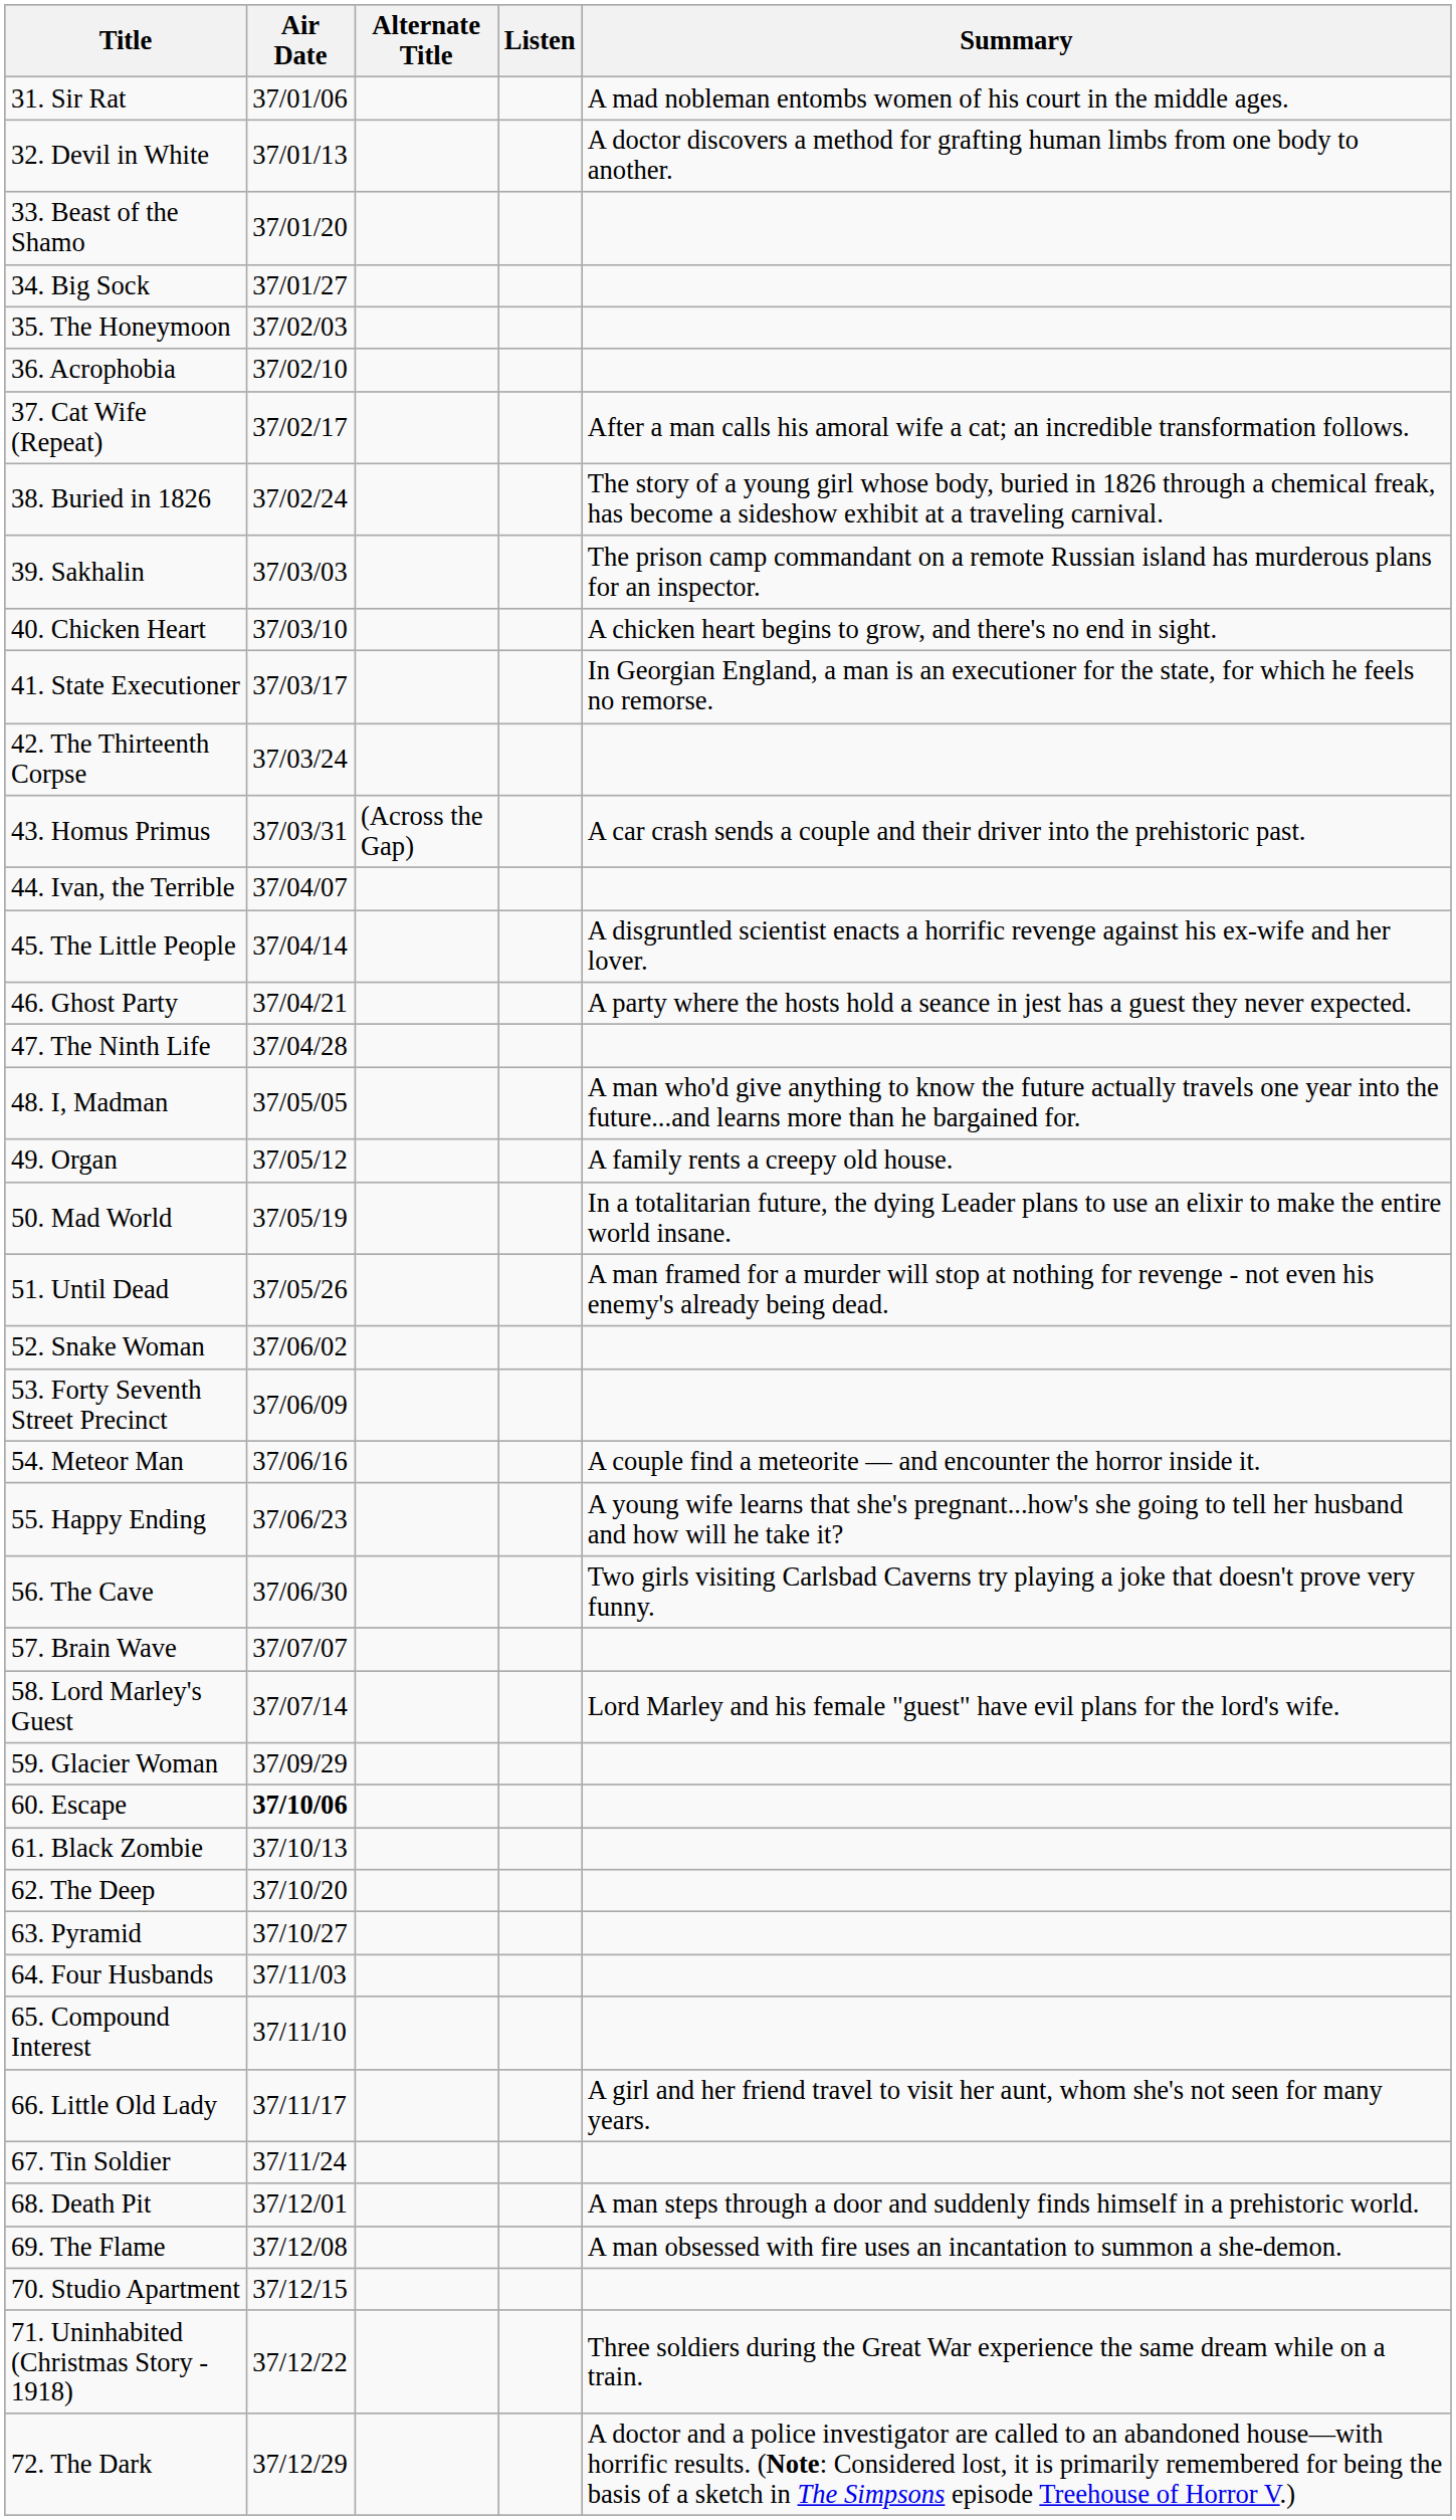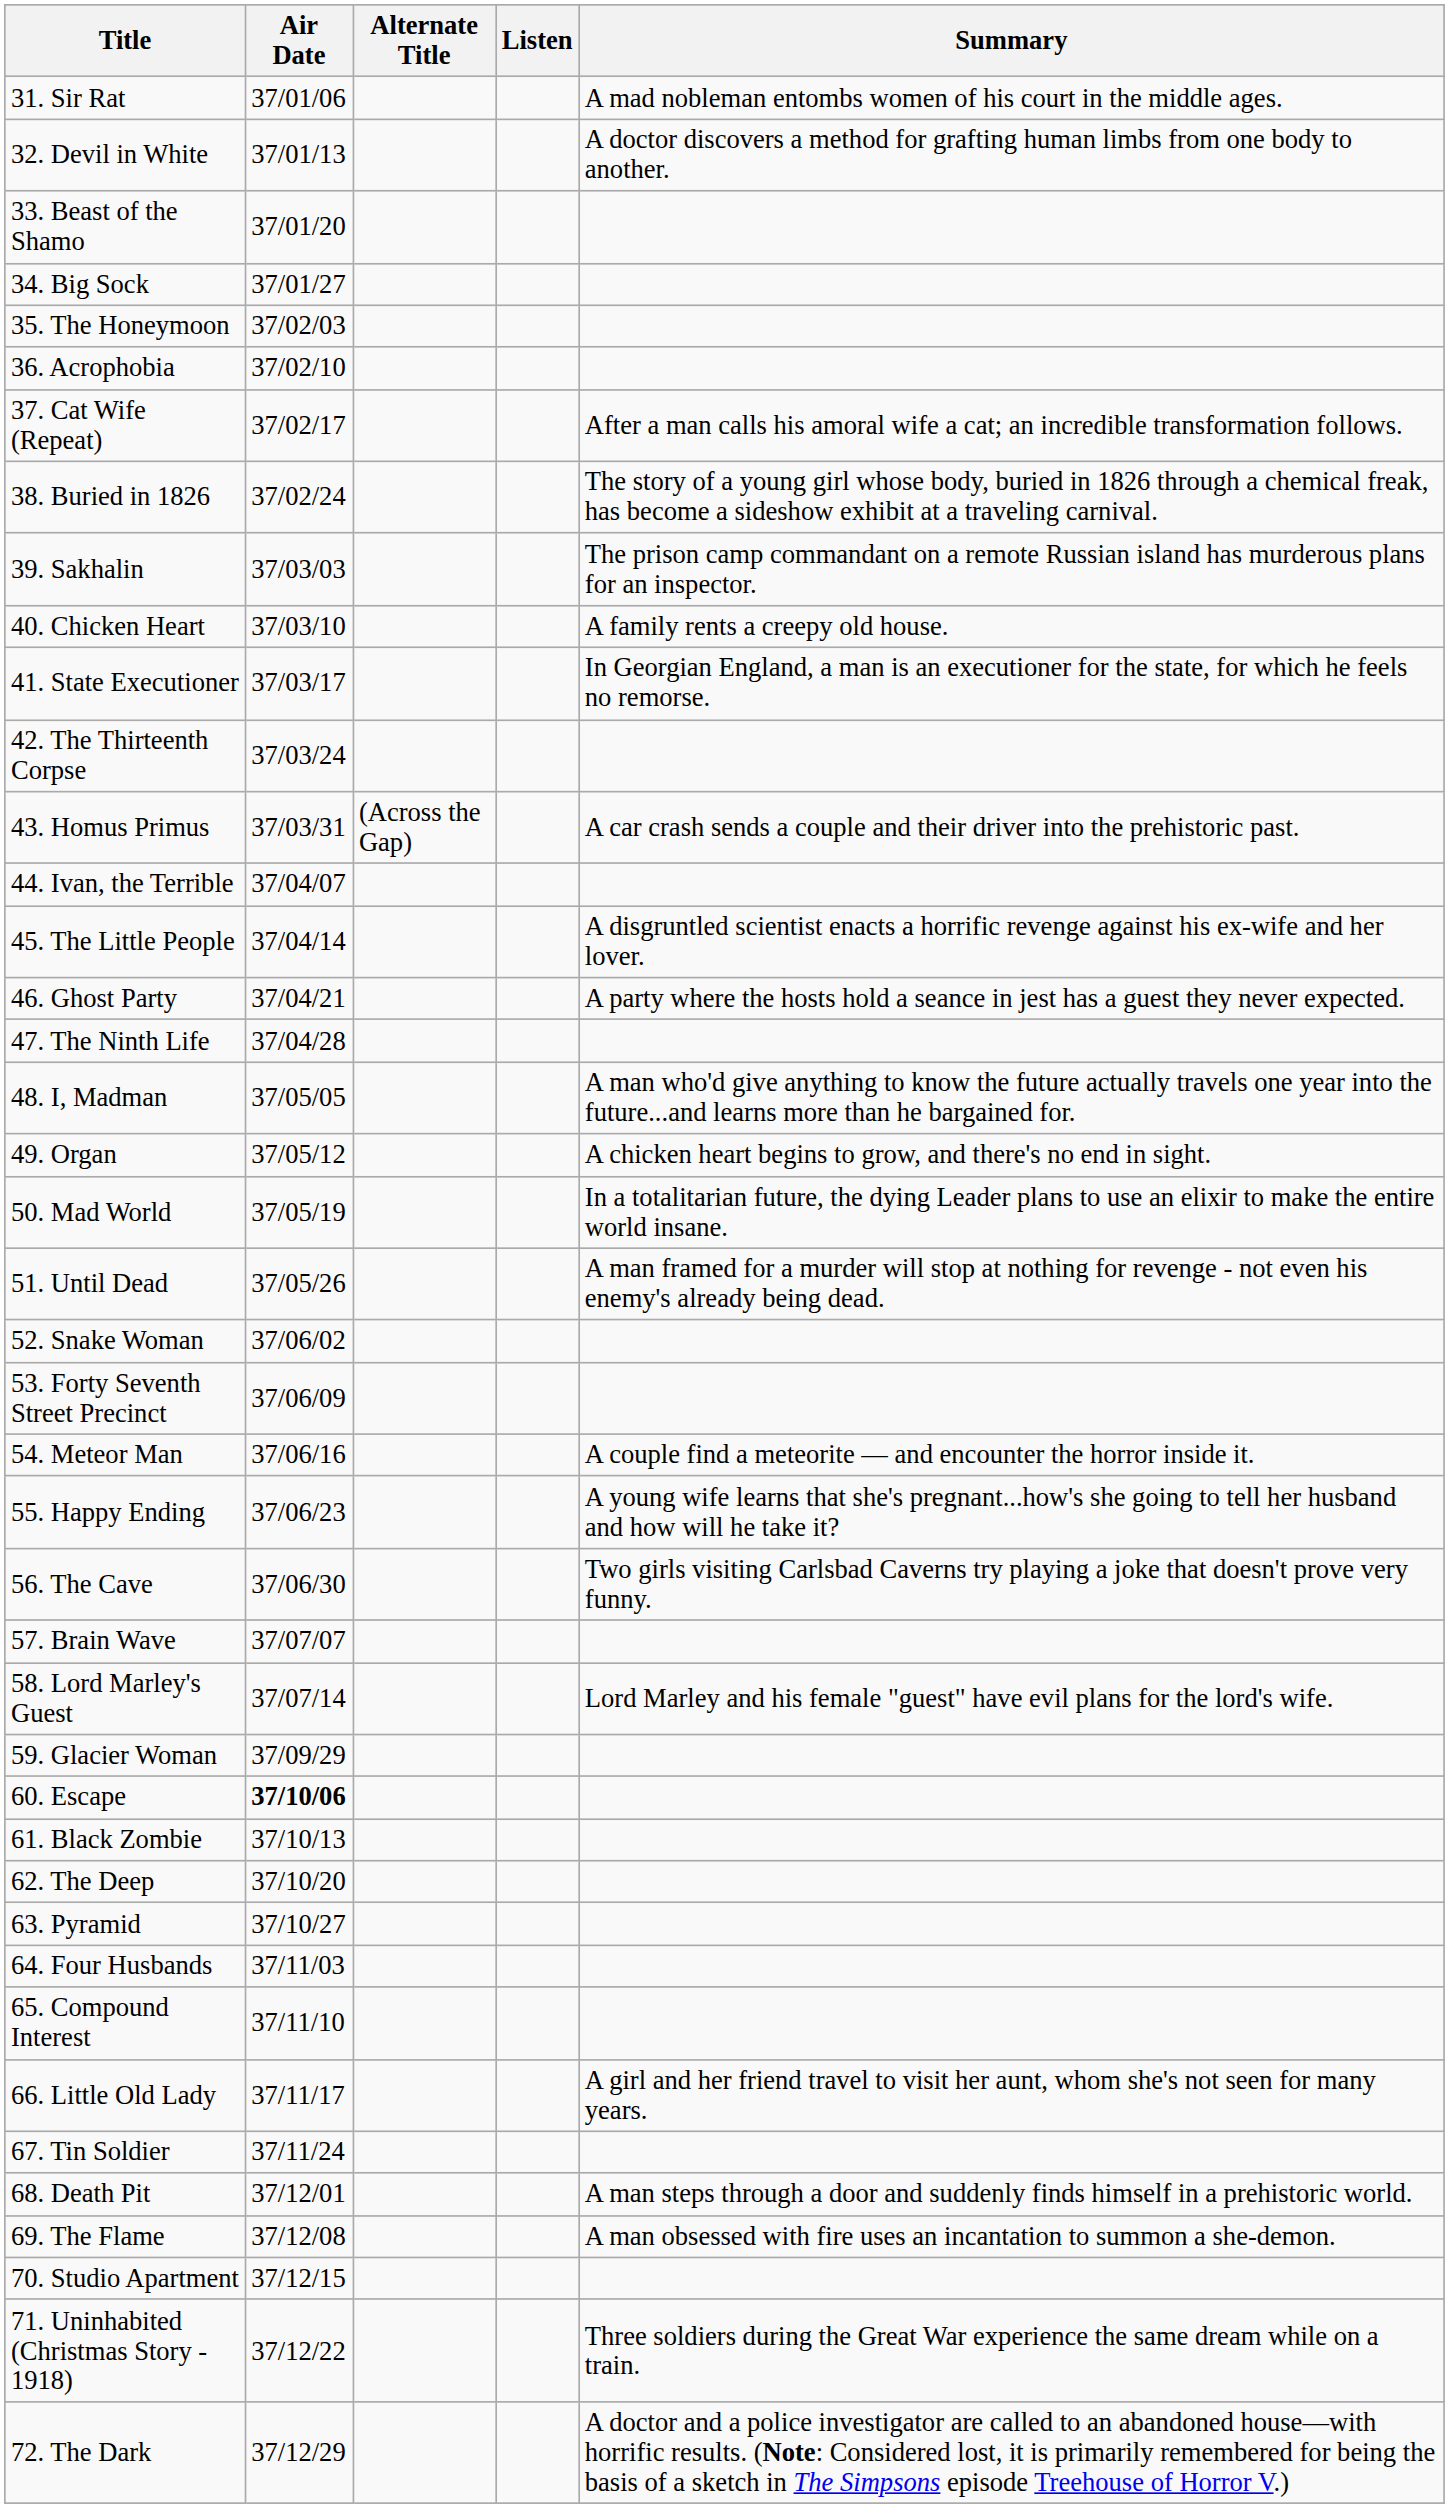 <table class="wikitable">
 <tr>
 <th>Title</th>
 <th>Air Date</th>
 <th>Alternate Title</th>
 <th>Listen</th>
 <th>Summary</th>
 </tr>
 <tr>
 <td>31. Sir Rat</td>
 <td>37/01/06</td>
 <td></td>
 <td></td>
 <td>A mad nobleman entombs women of his court in the middle ages.</td>
 </tr>
 <tr>
 <td>32. Devil in White</td>
 <td>37/01/13</td>
 <td></td>
 <td></td>
 <td>A doctor discovers a method for grafting human limbs from one body to another.</td>
 </tr>
 <tr>
 <td>33. Beast of the Shamo</td>
 <td>37/01/20</td>
 <td></td>
 <td></td>
 <td></td>
 </tr>
 <tr>
 <td>34. Big Sock</td>
 <td>37/01/27</td>
 <td></td>
 <td></td>
 <td></td>
 </tr>
 <tr>
 <td>35. The Honeymoon</td>
 <td>37/02/03</td>
 <td></td>
 <td></td>
 <td></td>
 </tr>
 <tr>
 <td>36. Acrophobia</td>
 <td>37/02/10</td>
 <td></td>
 <td></td>
 <td></td>
 </tr>
 <tr>
 <td>37. Cat Wife (Repeat)</td>
 <td>37/02/17</td>
 <td></td>
 <td></td>
 <td>After a man calls his amoral wife a cat; an incredible transformation follows.</td>
 </tr>
 <tr>
 <td>38. Buried in 1826</td>
 <td>37/02/24</td>
 <td></td>
 <td></td>
 <td>The story of a young girl whose body, buried in 1826 through a chemical freak, has become a sideshow exhibit at a traveling carnival.</td>
 </tr>
 <tr>
 <td>39. Sakhalin</td>
 <td>37/03/03</td>
 <td></td>
 <td></td>
 <td>The prison camp commandant on a remote Russian island has murderous plans for an inspector.</td>
 </tr>
 <tr>
 <td>40. Chicken Heart</td>
 <td>37/03/10</td>
 <td></td>
 <td></td>
-<td>A chicken heart begins to grow, and there's no end in sight.</td>
+<td>A family rents a creepy old house.</td>
 </tr>
 <tr>
 <td>41. State Executioner</td>
 <td>37/03/17</td>
 <td></td>
 <td></td>
 <td>In Georgian England, a man is an executioner for the state, for which he feels no remorse.</td>
 </tr>
 <tr>
 <td>42. The Thirteenth Corpse</td>
 <td>37/03/24</td>
 <td></td>
 <td></td>
 <td></td>
 </tr>
 <tr>
 <td>43. Homus Primus</td>
 <td>37/03/31</td>
 <td>(Across the Gap)</td>
 <td></td>
 <td>A car crash sends a couple and their driver into the prehistoric past.</td>
 </tr>
 <tr>
 <td>44. Ivan, the Terrible</td>
 <td>37/04/07</td>
 <td></td>
 <td></td>
 <td></td>
 </tr>
 <tr>
 <td>45. The Little People</td>
 <td>37/04/14</td>
 <td></td>
 <td></td>
 <td>A disgruntled scientist enacts a horrific revenge against his ex-wife and her lover.</td>
 </tr>
 <tr>
 <td>46. Ghost Party</td>
 <td>37/04/21</td>
 <td></td>
 <td></td>
 <td>A party where the hosts hold a seance in jest has a guest they never expected.</td>
 </tr>
 <tr>
 <td>47. The Ninth Life</td>
 <td>37/04/28</td>
 <td></td>
 <td></td>
 <td></td>
 </tr>
 <tr>
 <td>48. I, Madman</td>
 <td>37/05/05</td>
 <td></td>
 <td></td>
 <td>A man who'd give anything to know the future actually travels one year into the future...and learns more than he bargained for.</td>
 </tr>
 <tr>
 <td>49. Organ</td>
 <td>37/05/12</td>
 <td></td>
 <td></td>
-<td>A family rents a creepy old house.</td>
+<td>A chicken heart begins to grow, and there's no end in sight.</td>
 </tr>
 <tr>
 <td>50. Mad World</td>
 <td>37/05/19</td>
 <td></td>
 <td></td>
 <td>In a totalitarian future, the dying Leader plans to use an elixir to make the entire world insane.</td>
 </tr>
 <tr>
 <td>51. Until Dead</td>
 <td>37/05/26</td>
 <td></td>
 <td></td>
 <td>A man framed for a murder will stop at nothing for revenge - not even his enemy's already being dead.</td>
 </tr>
 <tr>
 <td>52. Snake Woman</td>
 <td>37/06/02</td>
 <td></td>
 <td></td>
 <td></td>
 </tr>
 <tr>
 <td>53. Forty Seventh Street Precinct</td>
 <td>37/06/09</td>
 <td></td>
 <td></td>
 <td></td>
 </tr>
 <tr>
 <td>54. Meteor Man</td>
 <td>37/06/16</td>
 <td></td>
 <td></td>
 <td>A couple find a meteorite — and encounter the horror inside it.</td>
 </tr>
 <tr>
 <td>55. Happy Ending</td>
 <td>37/06/23</td>
 <td></td>
 <td></td>
 <td>A young wife learns that she's pregnant...how's she going to tell her husband and how will he take it?</td>
 </tr>
 <tr>
 <td>56. The Cave</td>
 <td>37/06/30</td>
 <td></td>
 <td></td>
 <td>Two girls visiting Carlsbad Caverns try playing a joke that doesn't prove very funny.</td>
 </tr>
 <tr>
 <td>57. Brain Wave</td>
 <td>37/07/07</td>
 <td></td>
 <td></td>
 <td></td>
 </tr>
 <tr>
 <td>58. Lord Marley's Guest</td>
 <td>37/07/14</td>
 <td></td>
 <td></td>
 <td>Lord Marley and his female "guest" have evil plans for the lord's wife.</td>
 </tr>
 <tr>
 <td>59. Glacier Woman</td>
 <td>37/09/29</td>
 <td></td>
 <td></td>
 <td></td>
 </tr>
 <tr>
 <td>60. Escape</td>
 <td><strong>37/10/06</strong></td>
 <td></td>
 <td></td>
 <td></td>
 </tr>
 <tr>
 <td>61. Black Zombie</td>
 <td>37/10/13</td>
 <td></td>
 <td></td>
 <td></td>
 </tr>
 <tr>
 <td>62. The Deep</td>
 <td>37/10/20</td>
 <td></td>
 <td></td>
 <td></td>
 </tr>
 <tr>
 <td>63. Pyramid</td>
 <td>37/10/27</td>
 <td></td>
 <td></td>
 <td></td>
 </tr>
 <tr>
 <td>64. Four Husbands</td>
 <td>37/11/03</td>
 <td></td>
 <td></td>
 <td></td>
 </tr>
 <tr>
 <td>65. Compound Interest</td>
 <td>37/11/10</td>
 <td></td>
 <td></td>
 <td></td>
 </tr>
 <tr>
 <td>66. Little Old Lady</td>
 <td>37/11/17</td>
 <td></td>
 <td></td>
 <td>A girl and her friend travel to visit her aunt, whom she's not seen for many years.</td>
 </tr>
 <tr>
 <td>67. Tin Soldier</td>
 <td>37/11/24</td>
 <td></td>
 <td></td>
 <td></td>
 </tr>
 <tr>
 <td>68. Death Pit</td>
 <td>37/12/01</td>
 <td></td>
 <td></td>
 <td>A man steps through a door and suddenly finds himself in a prehistoric world.</td>
 </tr>
 <tr>
 <td>69. The Flame</td>
 <td>37/12/08</td>
 <td></td>
 <td></td>
 <td>A man obsessed with fire uses an incantation to summon a she-demon.</td>
 </tr>
 <tr>
 <td>70. Studio Apartment</td>
 <td>37/12/15</td>
 <td></td>
 <td></td>
 <td></td>
 </tr>
 <tr>
 <td>71. Uninhabited (Christmas Story - 1918)</td>
 <td>37/12/22</td>
 <td></td>
 <td></td>
 <td>Three soldiers during the Great War experience the same dream while on a train.</td>
 </tr>
 <tr>
 <td>72. The Dark</td>
 <td>37/12/29</td>
 <td></td>
 <td></td>
 <td>A doctor and a police investigator are called to an abandoned house—with horrific results. (<strong>Note</strong>: Considered lost, it is primarily remembered for being the basis of a sketch in <em><a href='#'>The Simpsons</a></em> episode <a href='#'>Treehouse of Horror V</a>.)</td>
 </tr>
 </table>
